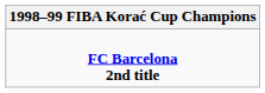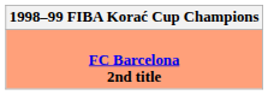 <table class=wikitable style="text-align:center; margin:auto">
 <tr>
 <th>1998–99 FIBA Korać Cup Champions</th>
 </tr>
 <tr>
-<td><br> <strong><a href='#'>FC Barcelona</a></strong> <br> <strong>2nd title</strong></td>
+<td style="background: lightsalmon;"><br> <strong><a href='#'>FC Barcelona</a></strong> <br> <strong>2nd title</strong></td>
 </tr>
 </table>
